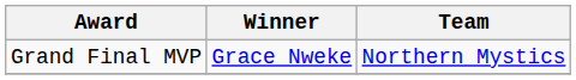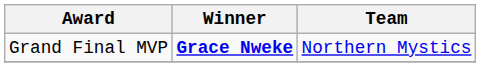 <table class="wikitable collapsible">
 <tr>
 <th>Award</th>
 <th>Winner</th>
 <th>Team</th>
 </tr>
 <tr>
 <td>Grand Final MVP</td>
-<td><a href='#'>Grace Nweke</a></td>
+<td><strong><a href='#'>Grace Nweke</a></strong></td>
 <td><a href='#'>Northern Mystics</a></td>
 </tr>
 <tr>
 </tr>
 </table>
